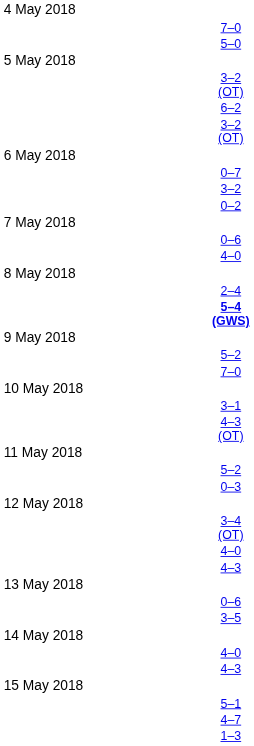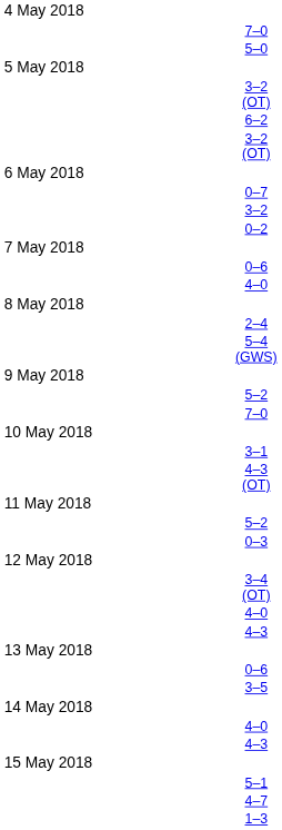 <table style="width:100%;" cellspacing="1">
 <tr>
 <th width=25%></th>
 <th width=2%></th>
 <th width=6%></th>
 <th width=2%></th>
 <th width=25%></th>
 </tr>
 <tr>
 <td>4 May 2018</td>
 </tr>
 <tr style=font-size:90%>
 <td align=right></td>
 <td></td>
 <td align=center><a href='#'>7–0</a></td>
 <td></td>
 <td></td>
 <td></td>
 </tr>
 <tr style=font-size:90%>
 <td align=right></td>
 <td></td>
 <td align=center><a href='#'>5–0</a></td>
 <td></td>
 <td></td>
 <td></td>
 </tr>
 <tr>
 <td>5 May 2018</td>
 </tr>
 <tr style=font-size:90%>
 <td align=right></td>
 <td></td>
 <td align=center><a href='#'>3–2 (OT)</a></td>
 <td></td>
 <td></td>
 <td></td>
 </tr>
 <tr style=font-size:90%>
 <td align=right></td>
 <td></td>
 <td align=center><a href='#'>6–2</a></td>
 <td></td>
 <td></td>
 <td></td>
 </tr>
 <tr style=font-size:90%>
 <td align=right></td>
 <td></td>
 <td align=center><a href='#'>3–2 (OT)</a></td>
 <td></td>
 <td></td>
 <td></td>
 </tr>
 <tr>
 <td>6 May 2018</td>
 </tr>
 <tr style=font-size:90%>
 <td align=right></td>
 <td></td>
 <td align=center><a href='#'>0–7</a></td>
 <td></td>
 <td></td>
 <td></td>
 </tr>
 <tr style=font-size:90%>
 <td align=right></td>
 <td></td>
 <td align=center><a href='#'>3–2</a></td>
 <td></td>
 <td></td>
 <td></td>
 </tr>
 <tr style=font-size:90%>
 <td align=right></td>
 <td></td>
 <td align=center><a href='#'>0–2</a></td>
 <td></td>
 <td></td>
 <td></td>
 </tr>
 <tr>
 <td>7 May 2018</td>
 </tr>
 <tr style=font-size:90%>
 <td align=right></td>
 <td></td>
 <td align=center><a href='#'>0–6</a></td>
 <td></td>
 <td></td>
 <td></td>
 </tr>
 <tr style=font-size:90%>
 <td align=right></td>
 <td></td>
 <td align=center><a href='#'>4–0</a></td>
 <td></td>
 <td></td>
 <td></td>
 </tr>
 <tr>
 <td>8 May 2018</td>
 </tr>
 <tr style=font-size:90%>
 <td align=right></td>
 <td></td>
 <td align=center><a href='#'>2–4</a></td>
 <td></td>
 <td></td>
 <td></td>
 </tr>
 <tr style=font-size:90%>
 <td align=right></td>
 <td></td>
-<td align=center><strong><a href='#'>5–4 (GWS)</a></strong></td>
+<td align=center><a href='#'>5–4 (GWS)</a></td>
 <td></td>
 <td></td>
 <td></td>
 </tr>
 <tr>
 <td>9 May 2018</td>
 </tr>
 <tr style=font-size:90%>
 <td align=right></td>
 <td></td>
 <td align=center><a href='#'>5–2</a></td>
 <td></td>
 <td></td>
 <td></td>
 </tr>
 <tr style=font-size:90%>
 <td align=right></td>
 <td></td>
 <td align=center><a href='#'>7–0</a></td>
 <td></td>
 <td></td>
 <td></td>
 </tr>
 <tr>
 <td>10 May 2018</td>
 </tr>
 <tr style=font-size:90%>
 <td align=right></td>
 <td></td>
 <td align=center><a href='#'>3–1</a></td>
 <td></td>
 <td></td>
 <td></td>
 </tr>
 <tr style=font-size:90%>
 <td align=right></td>
 <td></td>
 <td align=center><a href='#'>4–3 (OT)</a></td>
 <td></td>
 <td></td>
 <td></td>
 </tr>
 <tr>
 <td>11 May 2018</td>
 </tr>
 <tr style=font-size:90%>
 <td align=right></td>
 <td></td>
 <td align=center><a href='#'>5–2</a></td>
 <td></td>
 <td></td>
 <td></td>
 </tr>
 <tr style=font-size:90%>
 <td align=right></td>
 <td></td>
 <td align=center><a href='#'>0–3</a></td>
 <td></td>
 <td></td>
 <td></td>
 </tr>
 <tr>
 <td>12 May 2018</td>
 </tr>
 <tr style=font-size:90%>
 <td align=right></td>
 <td></td>
 <td align=center><a href='#'>3–4 (OT)</a></td>
 <td></td>
 <td></td>
 <td></td>
 </tr>
 <tr style=font-size:90%>
 <td align=right></td>
 <td></td>
 <td align=center><a href='#'>4–0</a></td>
 <td></td>
 <td></td>
 <td></td>
 </tr>
 <tr style=font-size:90%>
 <td align=right></td>
 <td></td>
 <td align=center><a href='#'>4–3</a></td>
 <td></td>
 <td></td>
 <td></td>
 </tr>
 <tr>
 <td>13 May 2018</td>
 </tr>
 <tr style=font-size:90%>
 <td align=right></td>
 <td></td>
 <td align=center><a href='#'>0–6</a></td>
 <td></td>
 <td></td>
 <td></td>
 </tr>
 <tr style=font-size:90%>
 <td align=right></td>
 <td></td>
 <td align=center><a href='#'>3–5</a></td>
 <td></td>
 <td></td>
 <td></td>
 </tr>
 <tr>
 <td>14 May 2018</td>
 </tr>
 <tr style=font-size:90%>
 <td align=right></td>
 <td></td>
 <td align=center><a href='#'>4–0</a></td>
 <td></td>
 <td></td>
 <td></td>
 </tr>
 <tr style=font-size:90%>
 <td align=right></td>
 <td></td>
 <td align=center><a href='#'>4–3</a></td>
 <td></td>
 <td></td>
 <td></td>
 </tr>
 <tr>
 <td>15 May 2018</td>
 </tr>
 <tr style=font-size:90%>
 <td align=right></td>
 <td></td>
 <td align=center><a href='#'>5–1</a></td>
 <td></td>
 <td></td>
 <td></td>
 </tr>
 <tr style=font-size:90%>
 <td align=right></td>
 <td></td>
 <td align=center><a href='#'>4–7</a></td>
 <td></td>
 <td></td>
 <td></td>
 </tr>
 <tr style=font-size:90%>
 <td align=right></td>
 <td></td>
 <td align=center><a href='#'>1–3</a></td>
 <td></td>
 <td></td>
 <td></td>
 </tr>
 </table>
